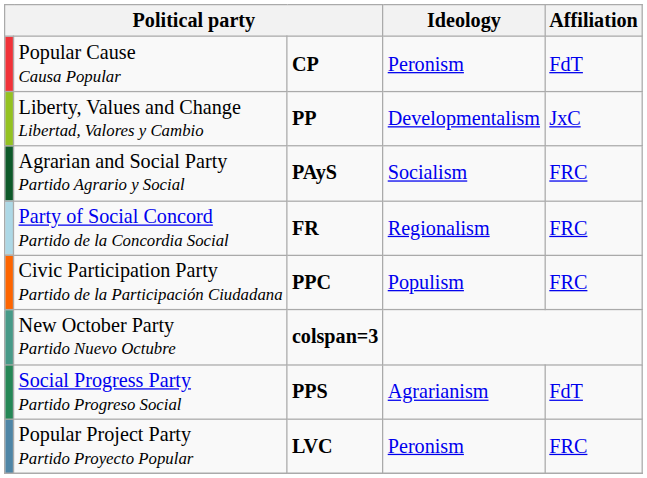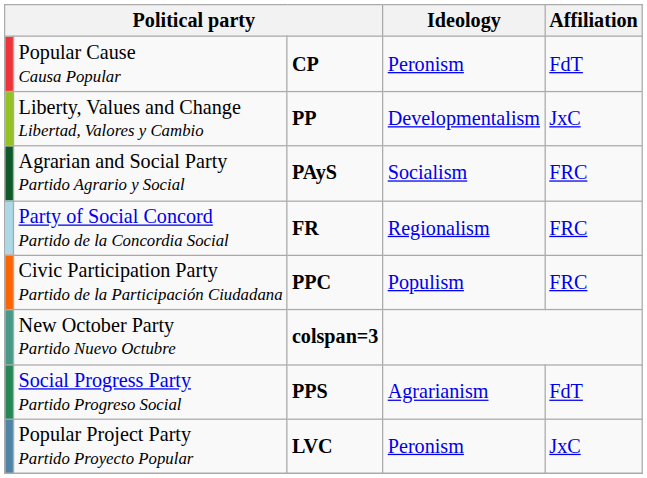 <table class="wikitable">
 <tr>
 <th colspan=3>Political party</th>
 <th>Ideology</th>
 <th>Affiliation</th>
 </tr>
 <tr>
 <th style="background:#f13239;"></th>
 <td>Popular Cause<br><small><em>Causa Popular</em></small></td>
 <td><strong>CP</strong></td>
 <td><a href='#'>Peronism</a></td>
 <td><a href='#'>FdT</a></td>
 </tr>
 <tr>
 <th style="background:#94c221;"></th>
 <td>Liberty, Values and Change<br><small><em>Libertad, Valores y Cambio</em></small></td>
 <td><strong>PP</strong></td>
 <td><a href='#'>Developmentalism</a></td>
 <td><a href='#'>JxC</a></td>
 </tr>
 <tr>
 <th style="background:#0d592a;"></th>
 <td>Agrarian and Social Party<br><small><em>Partido Agrario y Social</em></small></td>
 <td><strong>PAyS</strong></td>
 <td><a href='#'>Socialism</a></td>
 <td><a href='#'>FRC</a></td>
 </tr>
 <tr>
 <th style="background:#ADD8E6;"></th>
 <td><a href='#'>Party of Social Concord</a><br><small><em>Partido de la Concordia Social</em></small></td>
 <td><strong>FR</strong></td>
 <td><a href='#'>Regionalism</a></td>
 <td><a href='#'>FRC</a></td>
 </tr>
 <tr>
 <th style="background:#fe6500;"></th>
 <td>Civic Participation Party<br><small><em>Partido de la Participación Ciudadana</em></small></td>
 <td><strong>PPC</strong></td>
 <td><a href='#'>Populism</a></td>
 <td><a href='#'>FRC</a></td>
 </tr>
 <tr>
 <th style="background:#479a88;"></th>
 <td>New October Party<br><small><em>Partido Nuevo Octubre</em></small></td>
 <td><strong>colspan=3 </strong></td>
 </tr>
 <tr>
 <th style="background:#258756;"></th>
 <td><a href='#'>Social Progress Party</a><br><small><em>Partido Progreso Social</em></small></td>
 <td><strong>PPS</strong></td>
 <td><a href='#'>Agrarianism</a></td>
 <td><a href='#'>FdT</a></td>
 </tr>
 <tr>
 <th style="background:#4e85a6;"></th>
 <td>Popular Project Party<br><small><em>Partido Proyecto Popular</em></small></td>
 <td><strong>LVC</strong></td>
 <td><a href='#'>Peronism</a></td>
-<td><a href='#'>FRC</a></td>
+<td><a href='#'>JxC</a></td>
 </tr>
 <tr>
 </tr>
 </table>
